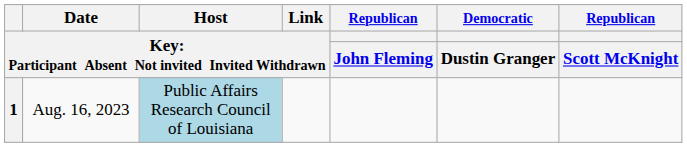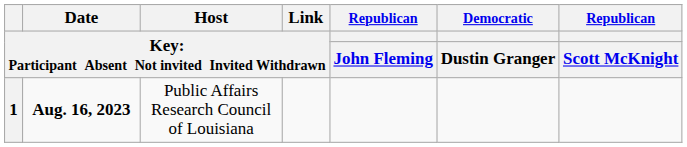 <table class="wikitable" style="text-align:center;">
 <tr>
 <th scope="col"></th>
 <th scope="col">Date</th>
 <th scope="col">Host</th>
 <th scope="col">Link</th>
 <th scope="col"><small><a href='#'>Republican</a></small></th>
 <th scope="col"><small><a href='#'>Democratic</a></small></th>
 <th scope="col"><small><a href='#'>Republican</a></small></th>
 </tr>
 <tr>
 <th colspan="4" rowspan="2">Key:<br> <small>Participant </small>  <small>Absent </small>  <small>Not invited </small>  <small>Invited  Withdrawn</small></th>
 <th scope="col" style="background:"></th>
 <th scope="col" style="background:"></th>
 <th scope="col" style="background:"></th>
 </tr>
 <tr>
 <th scope="col"><a href='#'>John Fleming</a></th>
 <th scope="col">Dustin Granger</th>
 <th scope="col"><a href='#'>Scott McKnight</a></th>
 </tr>
 <tr>
 <th>1</th>
-<td style="white-space:nowrap;">Aug. 16, 2023</td>
-<td style="background: lightblue; white-space:nowrap;">Public Affairs<br>Research Council<br>of Louisiana</td>
+<td style="white-space:nowrap;"><strong>Aug. 16, 2023</strong></td>
+<td style="white-space:nowrap;">Public Affairs<br>Research Council<br>of Louisiana</td>
 <td style="white-space:nowrap;"></td>
 <td></td>
 <td></td>
 <td></td>
 </tr>
 </table>
